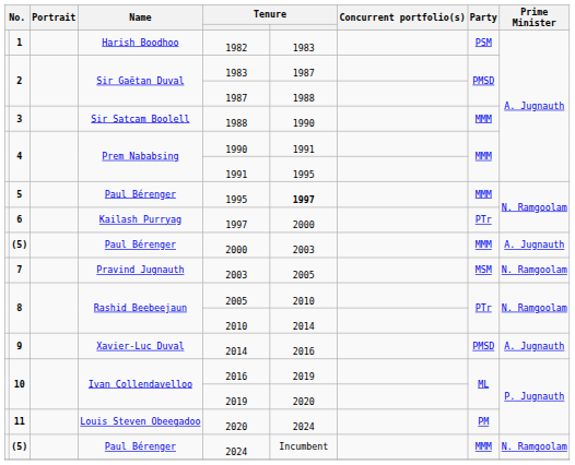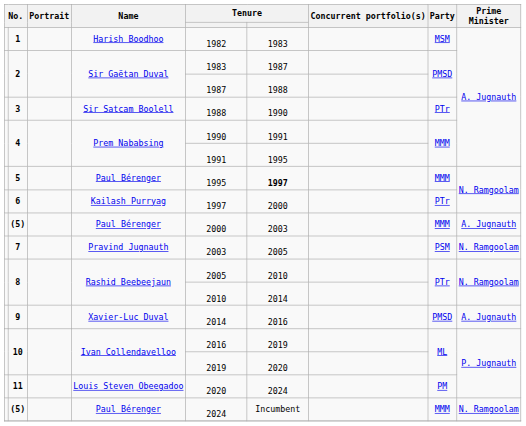 <table class="wikitable" style="font-size:100%;text-align:center">
 <tr>
 <th rowspan="2" colspan="2">No.</th>
 <th rowspan="2">Portrait</th>
 <th rowspan="2">Name<br></th>
 <th colspan="2">Tenure</th>
 <th rowspan="2">Concurrent portfolio(s)</th>
 <th rowspan="2">Party</th>
 <th rowspan="2">Prime<br>Minister</th>
 </tr>
 <tr>
 <th width="90"></th>
 <th width="90"></th>
 </tr>
 <tr>
 <td style="background: "></td>
 <td><strong>1</strong></td>
 <td></td>
 <td><a href='#'>Harish Boodhoo</a><br></td>
 <td><br>1982</td>
 <td><br>1983</td>
 <td><small></small></td>
-<td><a href='#'>PSM</a></td>
+<td><a href='#'>MSM</a></td>
 <td rowspan="6"><a href='#'>A. Jugnauth</a></td>
 </tr>
 <tr>
 <td rowspan=2 style="background: "></td>
 <td rowspan=2><strong>2</strong></td>
 <td rowspan=2></td>
 <td rowspan=2><a href='#'>Sir Gaëtan Duval</a><br></td>
 <td><br>1983</td>
 <td><br>1987</td>
 <td><small></small></td>
 <td rowspan=2><a href='#'>PMSD</a></td>
 </tr>
 <tr>
 <td><br>1987</td>
 <td><br>1988</td>
 <td><small></small></td>
 </tr>
 <tr>
 <td style="background: "></td>
 <td><strong>3</strong></td>
 <td></td>
 <td><a href='#'>Sir Satcam Boolell</a><br></td>
 <td><br>1988</td>
 <td><br>1990</td>
 <td><small></small></td>
-<td><a href='#'>MMM</a></td>
+<td><a href='#'>PTr</a></td>
 </tr>
 <tr>
 <td rowspan=2 style="background: "></td>
 <td rowspan=2><strong>4</strong></td>
 <td rowspan=2></td>
 <td rowspan=2><a href='#'>Prem Nababsing</a><br></td>
 <td><br>1990</td>
 <td><br>1991</td>
 <td><small></small></td>
 <td rowspan=2><a href='#'>MMM</a></td>
 </tr>
 <tr>
 <td><br>1991</td>
 <td><br>1995</td>
 <td><small></small></td>
 </tr>
 <tr>
 <td style="background: "></td>
 <td><strong>5</strong></td>
 <td></td>
 <td><a href='#'>Paul Bérenger</a><br></td>
 <td><br>1995</td>
 <td><strong><br>1997</strong></td>
 <td><small></small></td>
 <td><a href='#'>MMM</a></td>
 <td rowspan="2"><a href='#'>N. Ramgoolam</a></td>
 </tr>
 <tr>
 <td style="background: "></td>
 <td><strong>6</strong></td>
 <td></td>
 <td><a href='#'>Kailash Purryag</a><br></td>
 <td><br>1997</td>
 <td><br>2000</td>
 <td><small></small></td>
 <td><a href='#'>PTr</a></td>
 </tr>
 <tr>
 <td style="background: "></td>
 <td><strong>(5)</strong></td>
 <td></td>
 <td><a href='#'>Paul Bérenger</a><br></td>
 <td><br>2000</td>
 <td><br>2003</td>
 <td><small></small></td>
 <td><a href='#'>MMM</a></td>
 <td><a href='#'>A. Jugnauth</a></td>
 </tr>
 <tr>
 <td style="background: "></td>
 <td><strong>7</strong></td>
 <td></td>
 <td><a href='#'>Pravind Jugnauth</a><br></td>
 <td><br>2003</td>
 <td><br>2005</td>
 <td><small></small></td>
-<td><a href='#'>MSM</a></td>
+<td><a href='#'>PSM</a></td>
 <td><a href='#'>N. Ramgoolam</a></td>
 </tr>
 <tr>
 <td rowspan="2" style="background: "></td>
 <td rowspan="2"><strong>8</strong></td>
 <td rowspan="2"></td>
 <td rowspan="2"><a href='#'>Rashid Beebeejaun</a><br></td>
 <td><br>2005</td>
 <td><br>2010</td>
 <td><small></small></td>
 <td rowspan="2"><a href='#'>PTr</a></td>
 <td rowspan="2"><a href='#'>N. Ramgoolam</a></td>
 </tr>
 <tr>
 <td><br>2010</td>
 <td><br>2014</td>
 <td><small></small></td>
 </tr>
 <tr>
 <td style="background: "></td>
 <td><strong>9</strong></td>
 <td></td>
 <td><a href='#'>Xavier-Luc Duval</a><br></td>
 <td><br>2014</td>
 <td><br>2016</td>
 <td><small></small></td>
 <td><a href='#'>PMSD</a></td>
 <td rowspan="2"><a href='#'>A. Jugnauth</a></td>
 </tr>
 <tr>
 <td rowspan="3" style="background: "></td>
 <td rowspan="3"><strong>10</strong></td>
 <td rowspan="3"></td>
 <td rowspan="3"><a href='#'>Ivan Collendavelloo</a><br></td>
 <td rowspan="2"><br>2016</td>
 <td rowspan="2"><br>2019</td>
 <td rowspan="2"><small></small></td>
 <td rowspan="3"><a href='#'>ML</a></td>
 </tr>
 <tr>
 <td rowspan="3"><a href='#'>P. Jugnauth</a></td>
 </tr>
 <tr>
 <td><br>2019</td>
 <td><br>2020</td>
 <td><small></small></td>
 </tr>
 <tr>
 <td style="background: "></td>
 <td><strong>11</strong></td>
 <td></td>
 <td><a href='#'>Louis Steven Obeegadoo</a><br></td>
 <td><br>2020</td>
 <td><br>2024</td>
 <td><small></small></td>
 <td><a href='#'>PM</a></td>
 </tr>
 <tr>
 <td style="background: "></td>
 <td><strong>(5)</strong></td>
 <td></td>
 <td><a href='#'>Paul Bérenger</a><br></td>
 <td><br>2024</td>
 <td>Incumbent</td>
 <td><small></small></td>
 <td><a href='#'>MMM</a></td>
 <td><a href='#'>N. Ramgoolam</a></td>
 </tr>
 <tr>
 </tr>
 </table>
